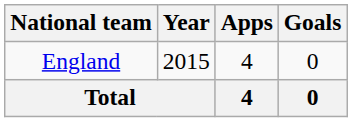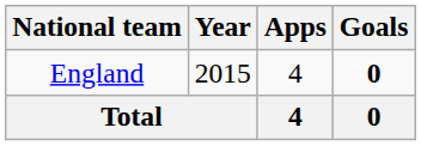 <table class="wikitable" style="text-align:center">
 <tr>
 <th>National team</th>
 <th>Year</th>
 <th>Apps</th>
 <th>Goals</th>
 </tr>
 <tr>
 <td><a href='#'>England</a></td>
 <td>2015</td>
 <td>4</td>
-<td>0</td>
+<td><strong>0</strong></td>
 </tr>
 <tr>
 <th colspan="2">Total</th>
 <th>4</th>
 <th>0</th>
 </tr>
 </table>
